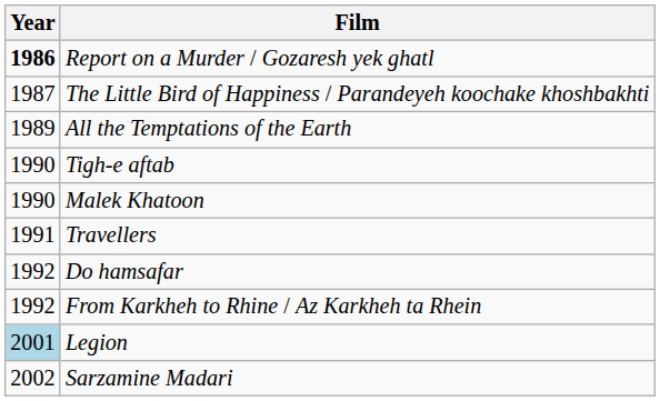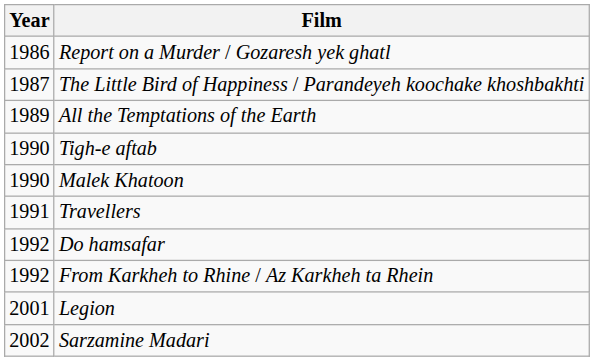 <table class="wikitable">
 <tr>
 <th>Year</th>
 <th>Film</th>
 </tr>
 <tr>
-<td><strong>1986</strong></td>
+<td>1986</td>
 <td><em>Report on a Murder</em> / <em>Gozaresh yek ghatl</em></td>
 </tr>
 <tr>
 <td>1987</td>
 <td><em>The Little Bird of Happiness</em> / <em>Parandeyeh koochake khoshbakhti</em></td>
 </tr>
 <tr>
 <td>1989</td>
 <td><em>All the Temptations of the Earth</em></td>
 </tr>
 <tr>
 <td>1990</td>
 <td><em>Tigh-e aftab</em></td>
 </tr>
 <tr>
 <td>1990</td>
 <td><em>Malek Khatoon</em></td>
 </tr>
 <tr>
 <td>1991</td>
 <td><em>Travellers</em></td>
 </tr>
 <tr>
 <td>1992</td>
 <td><em>Do hamsafar</em></td>
 </tr>
 <tr>
 <td>1992</td>
 <td><em>From Karkheh to Rhine</em> / <em>Az Karkheh ta Rhein</em></td>
 </tr>
 <tr>
-<td style="background: lightblue;">2001</td>
+<td>2001</td>
 <td><em>Legion</em></td>
 </tr>
 <tr>
 <td>2002</td>
 <td><em>Sarzamine Madari</em></td>
 </tr>
 </table>
